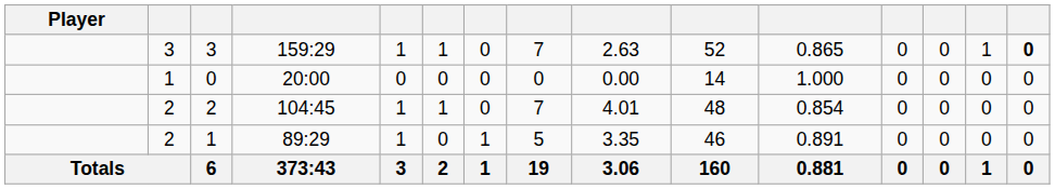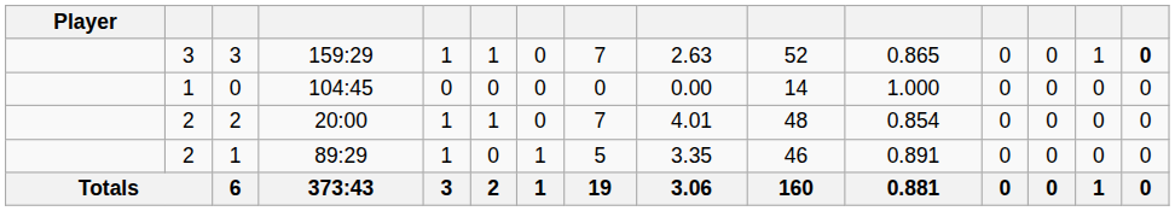 <table class="wikitable sortable" style="width:100%; text-align:center;">
 <tr style="background:#ddd;">
 <th>Player</th>
 <th></th>
 <th></th>
 <th></th>
 <th></th>
 <th></th>
 <th></th>
 <th></th>
 <th></th>
 <th></th>
 <th></th>
 <th></th>
 <th></th>
 <th></th>
 <th></th>
 </tr>
 <tr>
 <td></td>
 <td>3</td>
 <td>3</td>
 <td>159:29</td>
 <td>1</td>
 <td>1</td>
 <td>0</td>
 <td>7</td>
 <td>2.63</td>
 <td>52</td>
 <td>0.865</td>
 <td>0</td>
 <td>0</td>
 <td>1</td>
 <td><strong>0</strong></td>
 </tr>
 <tr>
 <td></td>
 <td>1</td>
 <td>0</td>
-<td>20:00</td>
+<td>104:45</td>
 <td>0</td>
 <td>0</td>
 <td>0</td>
 <td>0</td>
 <td>0.00</td>
 <td>14</td>
 <td>1.000</td>
 <td>0</td>
 <td>0</td>
 <td>0</td>
 <td>0</td>
 </tr>
 <tr>
 <td></td>
 <td>2</td>
 <td>2</td>
-<td>104:45</td>
+<td>20:00</td>
 <td>1</td>
 <td>1</td>
 <td>0</td>
 <td>7</td>
 <td>4.01</td>
 <td>48</td>
 <td>0.854</td>
 <td>0</td>
 <td>0</td>
 <td>0</td>
 <td>0</td>
 </tr>
 <tr>
 <td></td>
 <td>2</td>
 <td>1</td>
 <td>89:29</td>
 <td>1</td>
 <td>0</td>
 <td>1</td>
 <td>5</td>
 <td>3.35</td>
 <td>46</td>
 <td>0.891</td>
 <td>0</td>
 <td>0</td>
 <td>0</td>
 <td>0</td>
 </tr>
 <tr>
 <th colspan="2">Totals</th>
 <th>6</th>
 <th>373:43</th>
 <th>3</th>
 <th>2</th>
 <th>1</th>
 <th>19</th>
 <th>3.06</th>
 <th>160</th>
 <th>0.881</th>
 <th>0</th>
 <th>0</th>
 <th>1</th>
 <th>0</th>
 </tr>
 </table>
